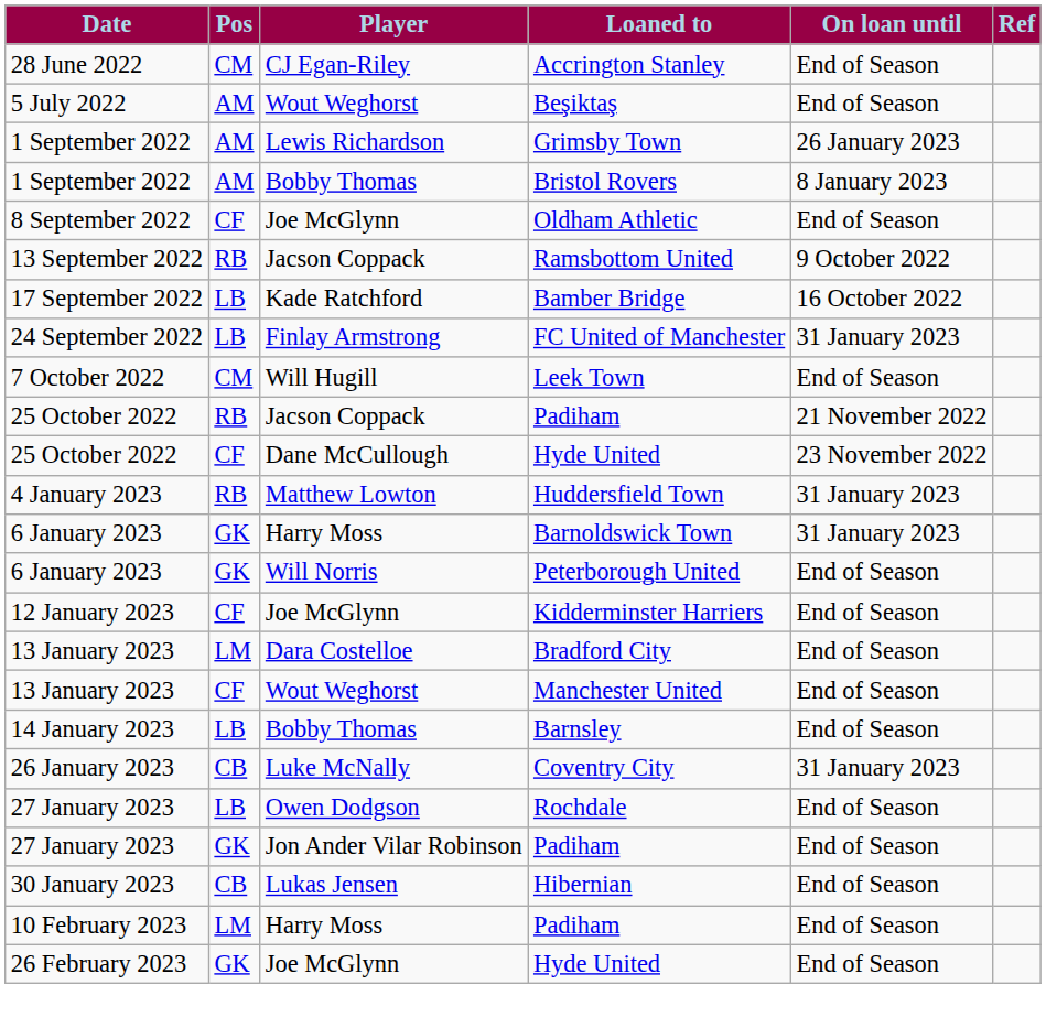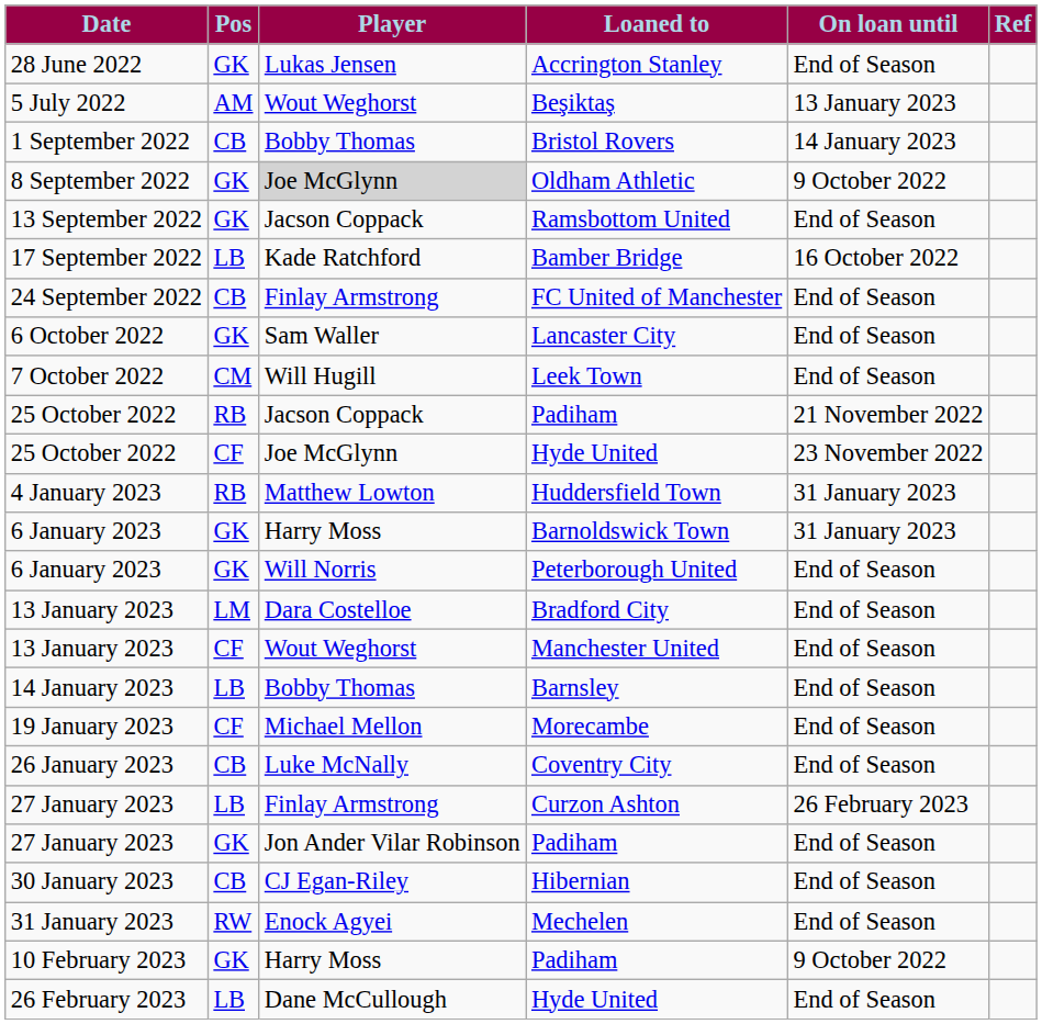 <table class="wikitable plainrowheaders sortable">
 <tr>
 <th style="background:#970045; color:#ADD8E6; ">Date</th>
 <th style="background:#970045; color:#ADD8E6; ">Pos</th>
 <th style="background:#970045; color:#ADD8E6; ">Player</th>
 <th style="background:#970045; color:#ADD8E6; ">Loaned to</th>
 <th style="background:#970045; color:#ADD8E6; ">On loan until</th>
 <th style="background:#970045; color:#ADD8E6; ">Ref</th>
 </tr>
 <tr>
 <td>28 June 2022</td>
-<td><a href='#'>CM</a></td>
-<td> <a href='#'>CJ Egan-Riley</a></td>
+<td><a href='#'>GK</a></td>
+<td> <a href='#'>Lukas Jensen</a></td>
 <td> <a href='#'>Accrington Stanley</a></td>
 <td>End of Season</td>
 <td></td>
 </tr>
 <tr>
 <td>5 July 2022</td>
 <td><a href='#'>AM</a></td>
 <td> <a href='#'>Wout Weghorst</a></td>
 <td> <a href='#'>Beşiktaş</a></td>
-<td>End of Season</td>
+<td>13 January 2023</td>
 <td></td>
 </tr>
 <tr>
 <td>1 September 2022</td>
-<td><a href='#'>AM</a></td>
-<td> <a href='#'>Lewis Richardson</a></td>
-<td> <a href='#'>Grimsby Town</a></td>
-<td>26 January 2023</td>
-<td></td>
-</tr>
-<tr>
-<td>1 September 2022</td>
-<td><a href='#'>AM</a></td>
+<td><a href='#'>CB</a></td>
 <td> <a href='#'>Bobby Thomas</a></td>
 <td> <a href='#'>Bristol Rovers</a></td>
-<td>8 January 2023</td>
+<td>14 January 2023</td>
 <td></td>
 </tr>
 <tr>
 <td>8 September 2022</td>
-<td><a href='#'>CF</a></td>
-<td> Joe McGlynn</td>
+<td><a href='#'>GK</a></td>
+<td style="background: lightgrey;"> Joe McGlynn</td>
 <td> <a href='#'>Oldham Athletic</a></td>
-<td>End of Season</td>
+<td>9 October 2022</td>
 <td></td>
 </tr>
 <tr>
 <td>13 September 2022</td>
-<td><a href='#'>RB</a></td>
+<td><a href='#'>GK</a></td>
 <td> Jacson Coppack</td>
 <td> <a href='#'>Ramsbottom United</a></td>
-<td>9 October 2022</td>
+<td>End of Season</td>
 <td></td>
 </tr>
 <tr>
 <td>17 September 2022</td>
 <td><a href='#'>LB</a></td>
 <td> Kade Ratchford</td>
 <td> <a href='#'>Bamber Bridge</a></td>
 <td>16 October 2022</td>
 <td></td>
 </tr>
 <tr>
 <td>24 September 2022</td>
-<td><a href='#'>LB</a></td>
+<td><a href='#'>CB</a></td>
 <td> <a href='#'>Finlay Armstrong</a></td>
 <td> <a href='#'>FC United of Manchester</a></td>
-<td>31 January 2023</td>
+<td>End of Season</td>
+<td></td>
+</tr>
+<tr>
+<td>6 October 2022</td>
+<td><a href='#'>GK</a></td>
+<td> Sam Waller</td>
+<td> <a href='#'>Lancaster City</a></td>
+<td>End of Season</td>
 <td></td>
 </tr>
 <tr>
 <td>7 October 2022</td>
 <td><a href='#'>CM</a></td>
 <td> Will Hugill</td>
 <td> <a href='#'>Leek Town</a></td>
 <td>End of Season</td>
 <td></td>
 </tr>
 <tr>
 <td>25 October 2022</td>
 <td><a href='#'>RB</a></td>
 <td> Jacson Coppack</td>
 <td> <a href='#'>Padiham</a></td>
 <td>21 November 2022</td>
 <td></td>
 </tr>
 <tr>
 <td>25 October 2022</td>
 <td><a href='#'>CF</a></td>
-<td> Dane McCullough</td>
+<td> Joe McGlynn</td>
 <td> <a href='#'>Hyde United</a></td>
 <td>23 November 2022</td>
 <td></td>
 </tr>
 <tr>
 <td>4 January 2023</td>
 <td><a href='#'>RB</a></td>
 <td> <a href='#'>Matthew Lowton</a></td>
 <td> <a href='#'>Huddersfield Town</a></td>
 <td>31 January 2023</td>
 <td></td>
 </tr>
 <tr>
 <td>6 January 2023</td>
 <td><a href='#'>GK</a></td>
 <td> Harry Moss</td>
 <td> <a href='#'>Barnoldswick Town</a></td>
 <td>31 January 2023</td>
 <td></td>
 </tr>
 <tr>
 <td>6 January 2023</td>
 <td><a href='#'>GK</a></td>
 <td> <a href='#'>Will Norris</a></td>
 <td> <a href='#'>Peterborough United</a></td>
 <td>End of Season</td>
 <td></td>
 </tr>
 <tr>
-<td>12 January 2023</td>
-<td><a href='#'>CF</a></td>
-<td> Joe McGlynn</td>
-<td> <a href='#'>Kidderminster Harriers</a></td>
-<td>End of Season</td>
-<td></td>
-</tr>
-<tr>
 <td>13 January 2023</td>
 <td><a href='#'>LM</a></td>
 <td> <a href='#'>Dara Costelloe</a></td>
 <td> <a href='#'>Bradford City</a></td>
 <td>End of Season</td>
 <td></td>
 </tr>
 <tr>
 <td>13 January 2023</td>
 <td><a href='#'>CF</a></td>
 <td> <a href='#'>Wout Weghorst</a></td>
 <td> <a href='#'>Manchester United</a></td>
 <td>End of Season</td>
 <td></td>
 </tr>
 <tr>
 <td>14 January 2023</td>
 <td><a href='#'>LB</a></td>
 <td> <a href='#'>Bobby Thomas</a></td>
 <td> <a href='#'>Barnsley</a></td>
 <td>End of Season</td>
 <td></td>
 </tr>
 <tr>
+<td>19 January 2023</td>
+<td><a href='#'>CF</a></td>
+<td> <a href='#'>Michael Mellon</a></td>
+<td> <a href='#'>Morecambe</a></td>
+<td>End of Season</td>
+<td></td>
+</tr>
+<tr>
 <td>26 January 2023</td>
 <td><a href='#'>CB</a></td>
 <td> <a href='#'>Luke McNally</a></td>
 <td> <a href='#'>Coventry City</a></td>
-<td>31 January 2023</td>
+<td>End of Season</td>
 <td></td>
 </tr>
 <tr>
 <td>27 January 2023</td>
 <td><a href='#'>LB</a></td>
-<td> <a href='#'>Owen Dodgson</a></td>
-<td> <a href='#'>Rochdale</a></td>
-<td>End of Season</td>
+<td> <a href='#'>Finlay Armstrong</a></td>
+<td> <a href='#'>Curzon Ashton</a></td>
+<td>26 February 2023</td>
 <td></td>
 </tr>
 <tr>
 <td>27 January 2023</td>
 <td><a href='#'>GK</a></td>
 <td> Jon Ander Vilar Robinson</td>
 <td> <a href='#'>Padiham</a></td>
 <td>End of Season</td>
 <td></td>
 </tr>
 <tr>
 <td>30 January 2023</td>
 <td><a href='#'>CB</a></td>
-<td> <a href='#'>Lukas Jensen</a></td>
+<td> <a href='#'>CJ Egan-Riley</a></td>
 <td> <a href='#'>Hibernian</a></td>
 <td>End of Season</td>
 <td></td>
 </tr>
 <tr>
-<td>10 February 2023</td>
-<td><a href='#'>LM</a></td>
-<td> Harry Moss</td>
-<td> <a href='#'>Padiham</a></td>
+<td>31 January 2023</td>
+<td><a href='#'>RW</a></td>
+<td> <a href='#'>Enock Agyei</a></td>
+<td> <a href='#'>Mechelen</a></td>
 <td>End of Season</td>
 <td></td>
 </tr>
 <tr>
+<td>10 February 2023</td>
+<td><a href='#'>GK</a></td>
+<td> Harry Moss</td>
+<td> <a href='#'>Padiham</a></td>
+<td>9 October 2022</td>
+<td></td>
+</tr>
+<tr>
 <td>26 February 2023</td>
-<td><a href='#'>GK</a></td>
-<td> Joe McGlynn</td>
+<td><a href='#'>LB</a></td>
+<td> Dane McCullough</td>
 <td> <a href='#'>Hyde United</a></td>
 <td>End of Season</td>
 <td></td>
 </tr>
 </table>
